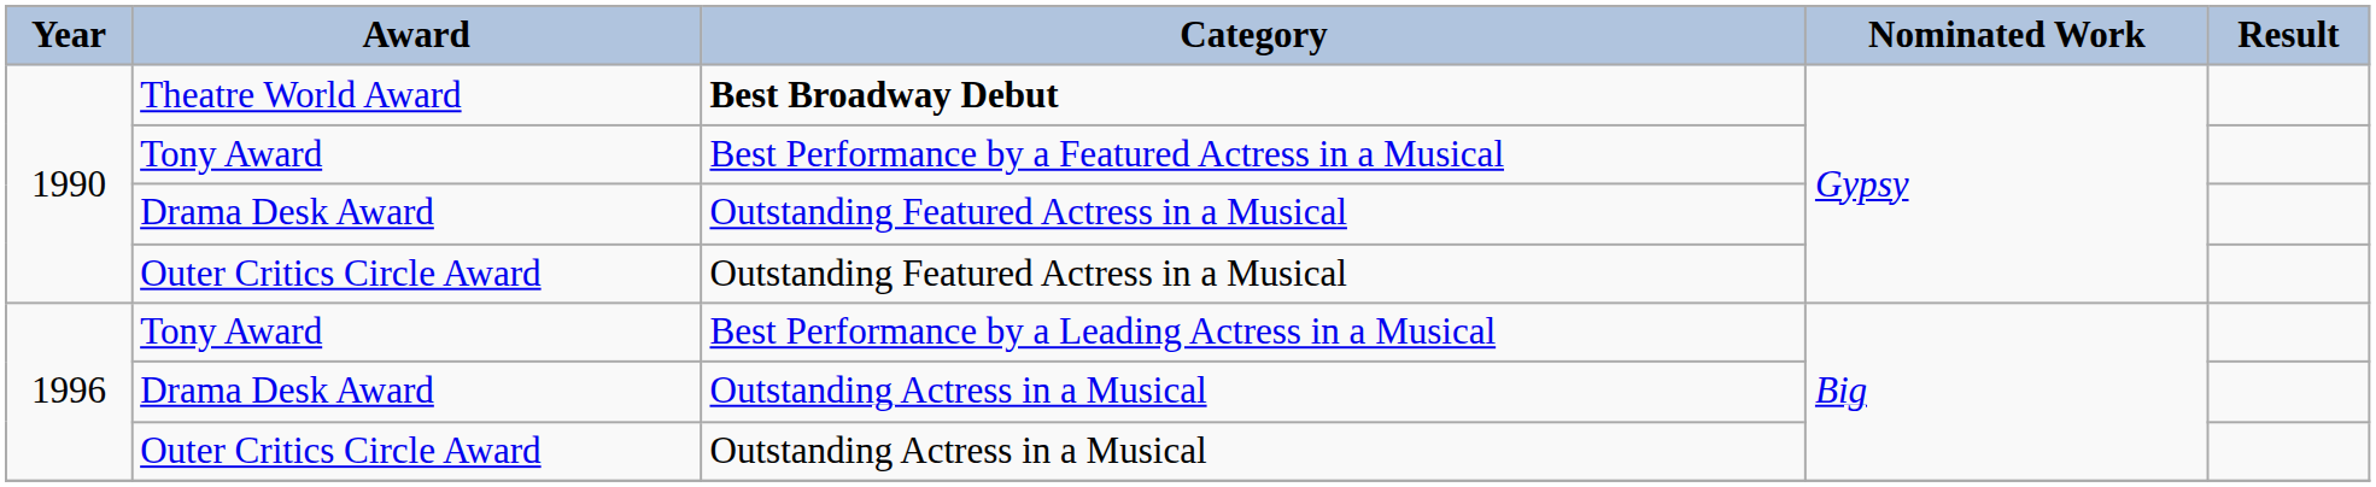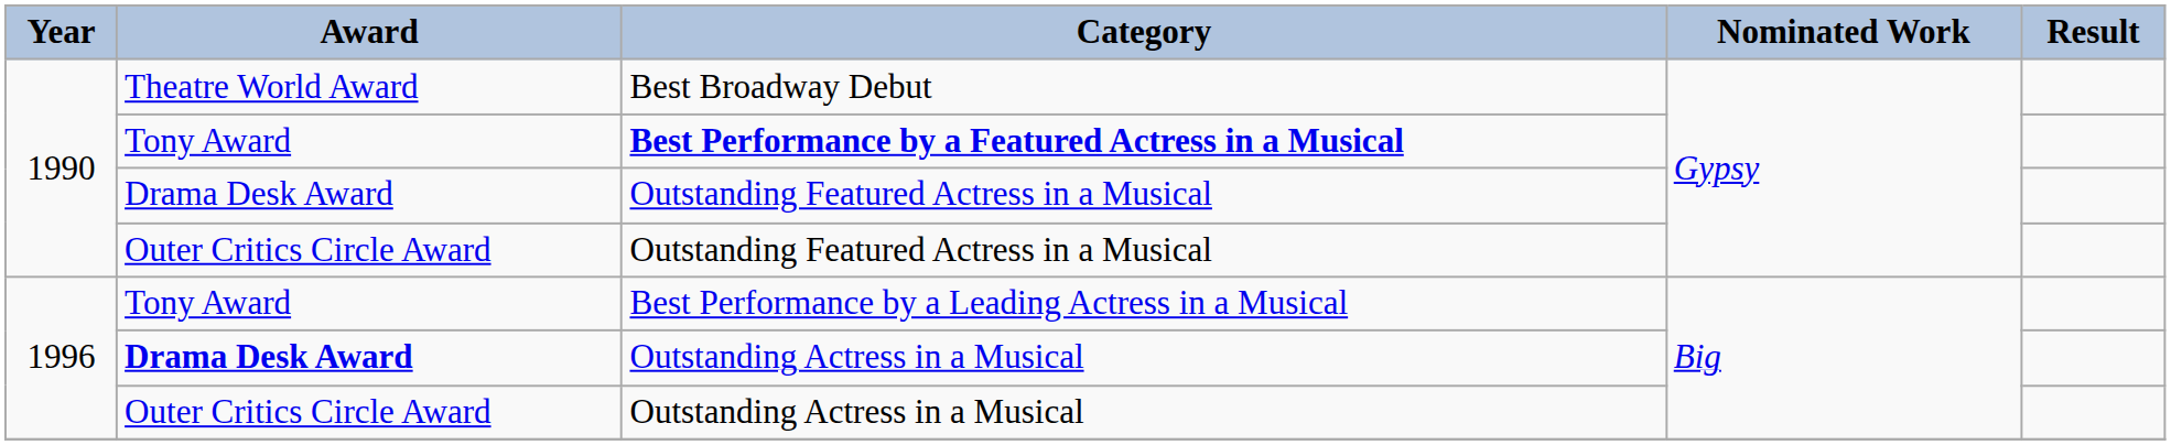 <table class="wikitable" style="font-size:100%; background: #f9f9f9; width:80%">
 <tr align="center">
 <th style="background:#B0C4DE">Year</th>
 <th style="background:#B0C4DE">Award</th>
 <th style="background:#B0C4DE">Category</th>
 <th style="background:#B0C4DE">Nominated Work</th>
 <th style="background:#B0C4DE">Result</th>
 </tr>
 <tr>
 <td rowspan="4" align="center">1990</td>
 <td><a href='#'>Theatre World Award</a></td>
-<td><strong>Best Broadway Debut</strong></td>
+<td>Best Broadway Debut</td>
 <td rowspan="4"><a href='#'><em>Gypsy</em></a></td>
 <td></td>
 </tr>
 <tr>
 <td><a href='#'>Tony Award</a></td>
-<td><a href='#'>Best Performance by a Featured Actress in a Musical</a></td>
+<td><strong><a href='#'>Best Performance by a Featured Actress in a Musical</a></strong></td>
 <td></td>
 </tr>
 <tr>
 <td><a href='#'>Drama Desk Award</a></td>
 <td><a href='#'>Outstanding Featured Actress in a Musical</a></td>
 <td></td>
 </tr>
 <tr>
 <td><a href='#'>Outer Critics Circle Award</a></td>
 <td>Outstanding Featured Actress in a Musical</td>
 <td></td>
 </tr>
 <tr>
 <td rowspan="3" align="center">1996</td>
 <td><a href='#'>Tony Award</a></td>
 <td><a href='#'>Best Performance by a Leading Actress in a Musical</a></td>
 <td rowspan="3"><a href='#'><em>Big</em></a></td>
 <td></td>
 </tr>
 <tr>
-<td><a href='#'>Drama Desk Award</a></td>
+<td><strong><a href='#'>Drama Desk Award</a></strong></td>
 <td><a href='#'>Outstanding Actress in a Musical</a></td>
 <td></td>
 </tr>
 <tr>
 <td><a href='#'>Outer Critics Circle Award</a></td>
 <td>Outstanding Actress in a Musical</td>
 <td></td>
 </tr>
 <tr>
 </tr>
 </table>
